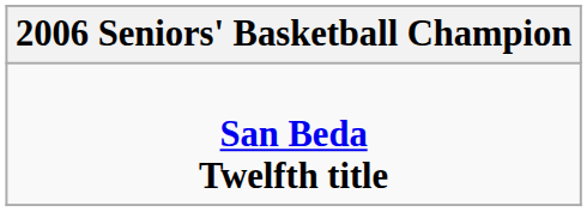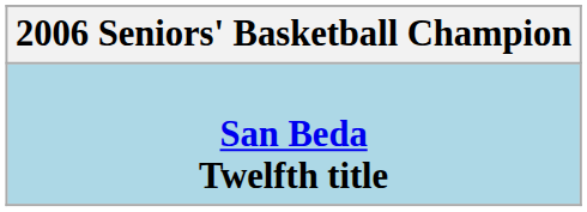 <table class=wikitable style="text-align:center; margin:auto">
 <tr>
 <th>2006 Seniors' Basketball Champion</th>
 </tr>
 <tr>
-<td> <br> <strong><a href='#'>San Beda</a></strong> <br> <strong>Twelfth title</strong></td>
+<td style="background: lightblue;"> <br> <strong><a href='#'>San Beda</a></strong> <br> <strong>Twelfth title</strong></td>
 </tr>
 </table>
